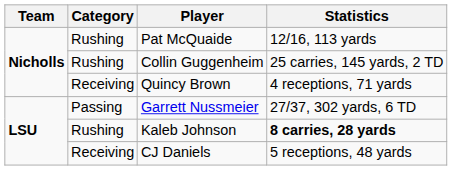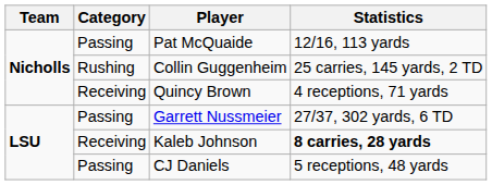 <table class="wikitable" style="float: right;">
 <tr>
 <th>Team</th>
 <th>Category</th>
 <th>Player</th>
 <th>Statistics</th>
 </tr>
 <tr>
 <td rowspan=3><strong>Nicholls</strong></td>
-<td>Rushing</td>
+<td>Passing</td>
 <td>Pat McQuaide</td>
 <td>12/16, 113 yards</td>
 </tr>
 <tr>
 <td>Rushing</td>
 <td>Collin Guggenheim</td>
 <td>25 carries, 145 yards, 2 TD</td>
 </tr>
 <tr>
 <td>Receiving</td>
 <td>Quincy Brown</td>
 <td>4 receptions, 71 yards</td>
 </tr>
 <tr>
 <td rowspan=3><strong>LSU</strong></td>
 <td>Passing</td>
 <td><a href='#'>Garrett Nussmeier</a></td>
 <td>27/37, 302 yards, 6 TD</td>
 </tr>
 <tr>
-<td>Rushing</td>
+<td>Receiving</td>
 <td>Kaleb Johnson</td>
 <td><strong>8 carries, 28 yards</strong></td>
 </tr>
 <tr>
-<td>Receiving</td>
+<td>Passing</td>
 <td>CJ Daniels</td>
 <td>5 receptions, 48 yards</td>
 </tr>
 </table>
